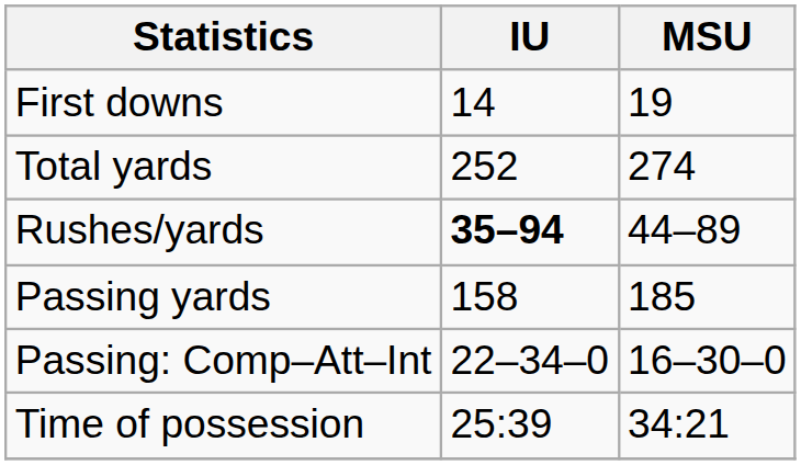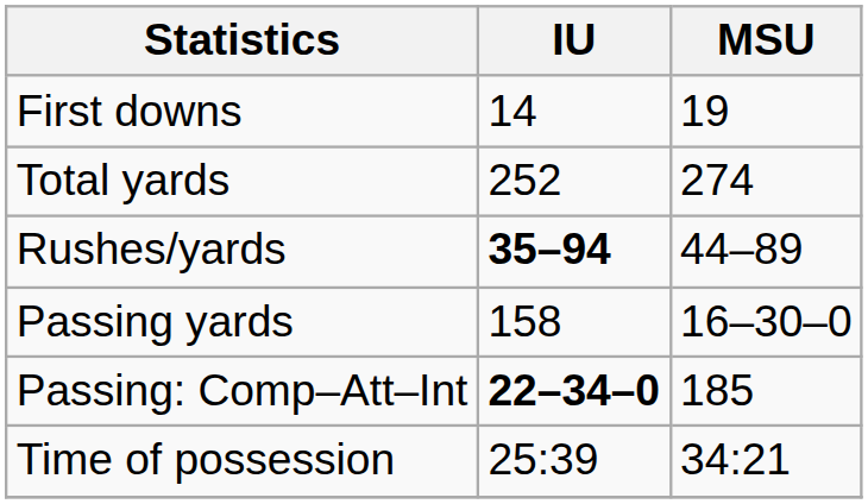 <table class="wikitable" style="float: left;">
 <tr>
 <th>Statistics</th>
 <th>IU</th>
 <th>MSU</th>
 </tr>
 <tr>
 <td>First downs</td>
 <td>14</td>
 <td>19</td>
 </tr>
 <tr>
 <td>Total yards</td>
 <td>252</td>
 <td>274</td>
 </tr>
 <tr>
 <td>Rushes/yards</td>
 <td><strong>35–94</strong></td>
 <td>44–89</td>
 </tr>
 <tr>
 <td>Passing yards</td>
 <td>158</td>
-<td>185</td>
+<td>16–30–0</td>
 </tr>
 <tr>
 <td>Passing: Comp–Att–Int</td>
-<td>22–34–0</td>
-<td>16–30–0</td>
+<td><strong>22–34–0</strong></td>
+<td>185</td>
 </tr>
 <tr>
 <td>Time of possession</td>
 <td>25:39</td>
 <td>34:21</td>
 </tr>
 <tr>
 </tr>
 </table>
